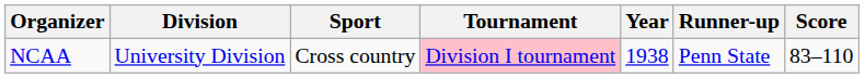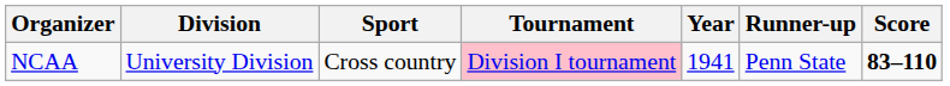 <table class="wikitable"; style= "text-align: ">
 <tr>
 <th width=px>Organizer</th>
 <th width=px>Division</th>
 <th width=px>Sport</th>
 <th width=px>Tournament</th>
 <th width=px>Year</th>
 <th width=px>Runner-up</th>
 <th width=px>Score</th>
 </tr>
 <tr>
 <td><a href='#'>NCAA</a></td>
 <td><a href='#'>University Division</a></td>
 <td>Cross country</td>
 <td style="background: pink;"><a href='#'>Division I tournament</a></td>
-<td><a href='#'>1938</a></td>
+<td><a href='#'>1941</a></td>
 <td><a href='#'>Penn State</a></td>
-<td>83–110</td>
+<td><strong>83–110</strong></td>
 </tr>
 </table>
